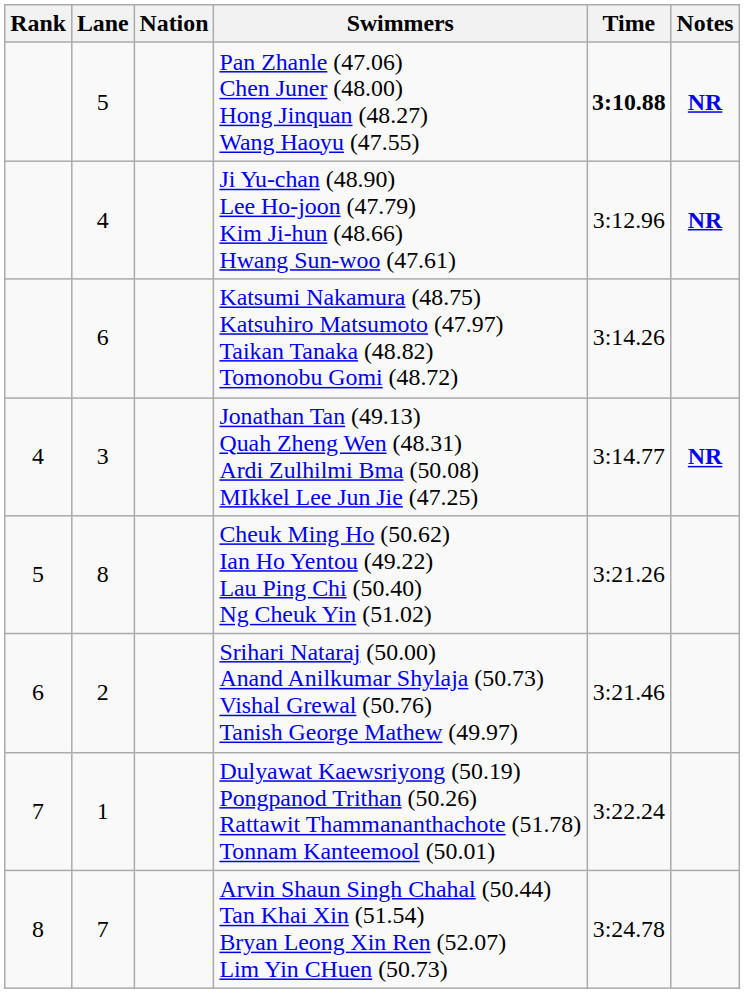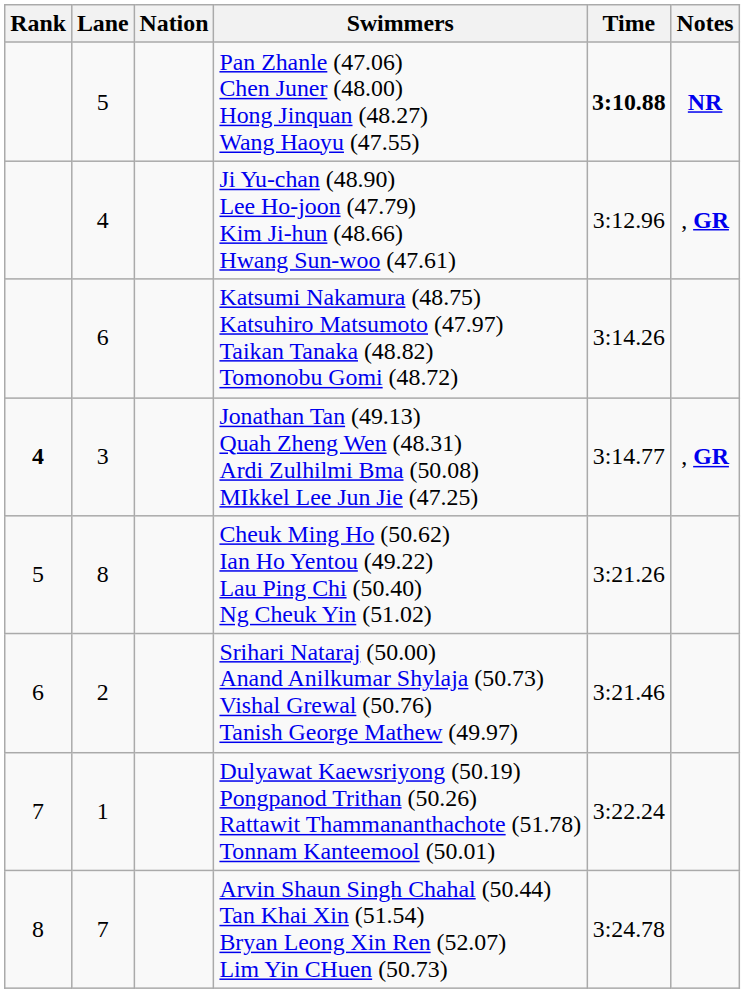 <table class="wikitable sortable" style="text-align:center">
 <tr>
 <th>Rank</th>
 <th>Lane</th>
 <th>Nation</th>
 <th>Swimmers</th>
 <th>Time</th>
 <th>Notes</th>
 </tr>
 <tr>
 <td></td>
 <td>5</td>
 <td align=left></td>
 <td align=left><a href='#'>Pan Zhanle</a> (47.06)<br><a href='#'>Chen Juner</a> (48.00)<br><a href='#'>Hong Jinquan</a> (48.27)<br><a href='#'>Wang Haoyu</a>  (47.55)</td>
 <td><strong>3:10.88</strong></td>
 <td><strong><a href='#'>NR</a></strong></td>
 </tr>
 <tr>
 <td></td>
 <td>4</td>
 <td align=left></td>
 <td align=left><a href='#'>Ji Yu-chan</a> (48.90)<br><a href='#'>Lee Ho-joon</a> (47.79)<br><a href='#'>Kim Ji-hun</a> (48.66)<br><a href='#'>Hwang Sun-woo</a> (47.61)</td>
 <td>3:12.96</td>
-<td><strong><a href='#'>NR</a></strong></td>
+<td>, <strong><a href='#'>GR</a></strong></td>
 </tr>
 <tr>
 <td></td>
 <td>6</td>
 <td align=left></td>
 <td align=left><a href='#'>Katsumi Nakamura</a> (48.75)<br><a href='#'>Katsuhiro Matsumoto</a> (47.97)<br><a href='#'>Taikan Tanaka</a> (48.82)<br><a href='#'>Tomonobu Gomi</a> (48.72)</td>
 <td>3:14.26</td>
 <td></td>
 </tr>
 <tr>
-<td>4</td>
+<td><strong>4</strong></td>
 <td>3</td>
 <td align=left></td>
 <td align=left><a href='#'>Jonathan Tan</a> (49.13)<br><a href='#'>Quah Zheng Wen</a> (48.31)<br><a href='#'>Ardi Zulhilmi Bma</a> (50.08)<br><a href='#'>MIkkel Lee Jun Jie</a> (47.25)</td>
 <td>3:14.77</td>
-<td><strong><a href='#'>NR</a></strong></td>
+<td>, <strong><a href='#'>GR</a></strong></td>
 </tr>
 <tr>
 <td>5</td>
 <td>8</td>
 <td align=left></td>
 <td align=left><a href='#'>Cheuk Ming Ho</a> (50.62)<br><a href='#'>Ian Ho Yentou</a> (49.22)<br><a href='#'>Lau Ping Chi</a> (50.40)<br><a href='#'>Ng Cheuk Yin</a> (51.02)</td>
 <td>3:21.26</td>
 <td></td>
 </tr>
 <tr>
 <td>6</td>
 <td>2</td>
 <td align=left></td>
 <td align=left><a href='#'>Srihari Nataraj</a> (50.00)<br><a href='#'>Anand Anilkumar Shylaja</a> (50.73)<br><a href='#'>Vishal Grewal</a> (50.76)<br><a href='#'>Tanish George Mathew</a> (49.97)</td>
 <td>3:21.46</td>
 <td></td>
 </tr>
 <tr>
 <td>7</td>
 <td>1</td>
 <td align=left></td>
 <td align=left><a href='#'>Dulyawat Kaewsriyong</a> (50.19)<br><a href='#'>Pongpanod Trithan</a> (50.26)<br><a href='#'>Rattawit Thammananthachote</a> (51.78)<br><a href='#'>Tonnam Kanteemool</a> (50.01)</td>
 <td>3:22.24</td>
 <td></td>
 </tr>
 <tr>
 <td>8</td>
 <td>7</td>
 <td align=left></td>
 <td align=left><a href='#'>Arvin Shaun Singh Chahal</a> (50.44)<br><a href='#'>Tan Khai Xin</a> (51.54)<br><a href='#'>Bryan Leong Xin Ren</a> (52.07)<br><a href='#'>Lim Yin CHuen</a> (50.73)</td>
 <td>3:24.78</td>
 <td></td>
 </tr>
 </table>
